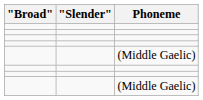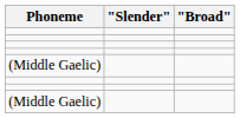 <table class="wikitable" style="text-align: center;">
 <tr>
+<th>Phoneme</th>
+<th>"Slender"</th>
 <th>"Broad"</th>
-<th>"Slender"</th>
-<th>Phoneme</th>
 </tr>
 <tr>
 <td></td>
 <td></td>
 <td></td>
 </tr>
 <tr>
 <td></td>
 <td></td>
 <td></td>
 </tr>
 <tr>
 <td></td>
 <td></td>
 <td></td>
 </tr>
 <tr>
 <td></td>
 <td></td>
 <td></td>
 </tr>
 <tr>
+<td> (Middle Gaelic)</td>
 <td></td>
 <td></td>
-<td> (Middle Gaelic)</td>
 </tr>
 <tr>
 <td></td>
 <td></td>
 <td></td>
 </tr>
 <tr>
 <td></td>
 <td></td>
 <td></td>
 </tr>
 <tr>
+<td> (Middle Gaelic)</td>
 <td></td>
 <td></td>
-<td> (Middle Gaelic)</td>
 </tr>
 </table>
